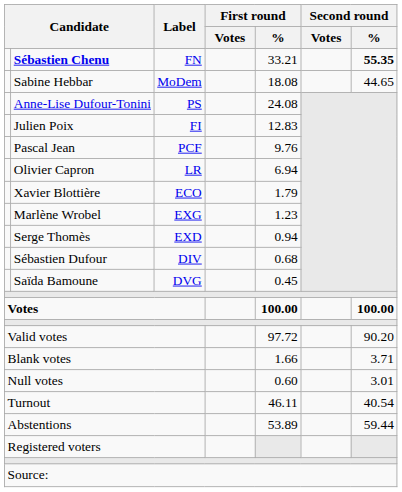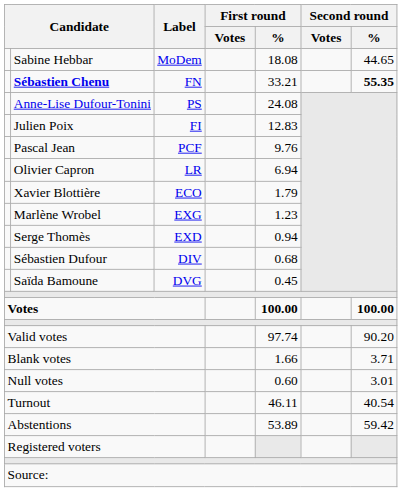 <table class="wikitable" style="text-align:right;font-size:95%;">
 <tr>
 <th rowspan="2" colspan="2">Candidate</th>
 <th rowspan="2">Label</th>
 <th colspan="2">First round</th>
 <th colspan="2">Second round</th>
 </tr>
 <tr>
 <th style="width:50px;">Votes</th>
 <th style="width:45px;">%</th>
 <th style="width:50px;">Votes</th>
 <th style="width:45px;">%</th>
 </tr>
 <tr>
 <td style="color:inherit;background:"></td>
+<td style="text-align:left;">Sabine Hebbar</td>
+<td><a href='#'>MoDem</a></td>
+<td></td>
+<td>18.08</td>
+<td></td>
+<td>44.65</td>
+</tr>
+<tr>
+<td style="color:inherit;background:"></td>
 <td style="text-align:left;"><strong><a href='#'>Sébastien Chenu</a></strong></td>
 <td><a href='#'>FN</a></td>
 <td></td>
 <td>33.21</td>
 <td><strong></strong></td>
 <td><strong>55.35</strong></td>
-</tr>
-<tr>
-<td style="color:inherit;background:"></td>
-<td style="text-align:left;">Sabine Hebbar</td>
-<td><a href='#'>MoDem</a></td>
-<td></td>
-<td>18.08</td>
-<td></td>
-<td>44.65</td>
 </tr>
 <tr>
 <td style="color:inherit;background:"></td>
 <td style="text-align:left;"><a href='#'>Anne-Lise Dufour-Tonini</a></td>
 <td><a href='#'>PS</a></td>
 <td></td>
 <td>24.08</td>
 <td colspan="2" rowspan="9" style="background:#E9E9E9;"></td>
 </tr>
 <tr>
 <td style="color:inherit;background:"></td>
 <td style="text-align:left;">Julien Poix</td>
 <td><a href='#'>FI</a></td>
 <td></td>
 <td>12.83</td>
 </tr>
 <tr>
 <td style="color:inherit;background:"></td>
 <td style="text-align:left;">Pascal Jean</td>
 <td><a href='#'>PCF</a></td>
 <td></td>
 <td>9.76</td>
 </tr>
 <tr>
 <td style="color:inherit;background:"></td>
 <td style="text-align:left;">Olivier Capron</td>
 <td><a href='#'>LR</a></td>
 <td></td>
 <td>6.94</td>
 </tr>
 <tr>
 <td style="color:inherit;background:"></td>
 <td style="text-align:left;">Xavier Blottière</td>
 <td><a href='#'>ECO</a></td>
 <td></td>
 <td>1.79</td>
 </tr>
 <tr>
 <td style="color:inherit;background:"></td>
 <td style="text-align:left;">Marlène Wrobel</td>
 <td><a href='#'>EXG</a></td>
 <td></td>
 <td>1.23</td>
 </tr>
 <tr>
 <td style="color:inherit;background:"></td>
 <td style="text-align:left;">Serge Thomès</td>
 <td><a href='#'>EXD</a></td>
 <td></td>
 <td>0.94</td>
 </tr>
 <tr>
 <td style="color:inherit;background:"></td>
 <td style="text-align:left;">Sébastien Dufour</td>
 <td><a href='#'>DIV</a></td>
 <td></td>
 <td>0.68</td>
 </tr>
 <tr>
 <td style="color:inherit;background:"></td>
 <td style="text-align:left;">Saïda Bamoune</td>
 <td><a href='#'>DVG</a></td>
 <td></td>
 <td>0.45</td>
 </tr>
 <tr>
 <td colspan="7" style="background:#E9E9E9;"></td>
 </tr>
 <tr style="font-weight:bold;">
 <td colspan="3" style="text-align:left;">Votes</td>
 <td></td>
 <td>100.00</td>
 <td></td>
 <td>100.00</td>
 </tr>
 <tr>
 <td colspan="7" style="background:#E9E9E9;"></td>
 </tr>
 <tr>
 <td colspan="3" style="text-align:left;">Valid votes</td>
 <td></td>
-<td>97.72</td>
+<td>97.74</td>
 <td></td>
 <td>90.20</td>
 </tr>
 <tr>
 <td colspan="3" style="text-align:left;">Blank votes</td>
 <td></td>
 <td>1.66</td>
 <td></td>
 <td>3.71</td>
 </tr>
 <tr>
 <td colspan="3" style="text-align:left;">Null votes</td>
 <td></td>
 <td>0.60</td>
 <td></td>
 <td>3.01</td>
 </tr>
 <tr>
 <td colspan="3" style="text-align:left;">Turnout</td>
 <td></td>
 <td>46.11</td>
 <td></td>
 <td>40.54</td>
 </tr>
 <tr>
 <td colspan="3" style="text-align:left;">Abstentions</td>
 <td></td>
 <td>53.89</td>
 <td></td>
-<td>59.44</td>
+<td>59.42</td>
 </tr>
 <tr>
 <td colspan="3" style="text-align:left;">Registered voters</td>
 <td></td>
 <td style="background:#E9E9E9;"></td>
 <td></td>
 <td style="background:#E9E9E9;"></td>
 </tr>
 <tr>
 <td colspan="7" style="background:#E9E9E9;"></td>
 </tr>
 <tr>
 <td colspan="7" style="text-align:left;">Source: </td>
 </tr>
 </table>
